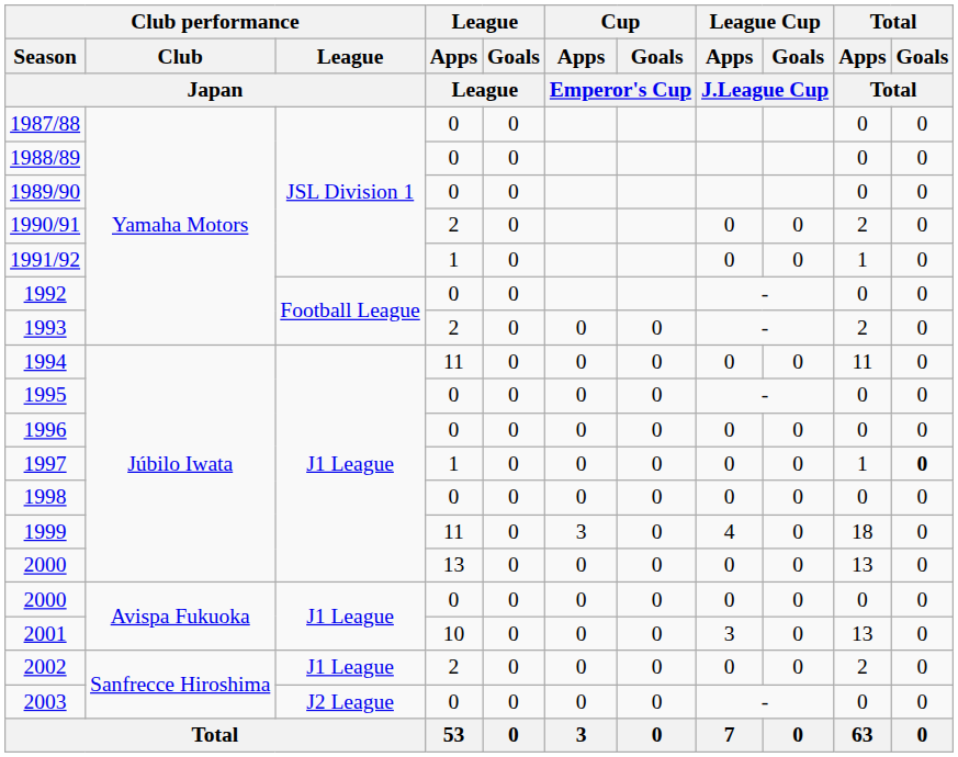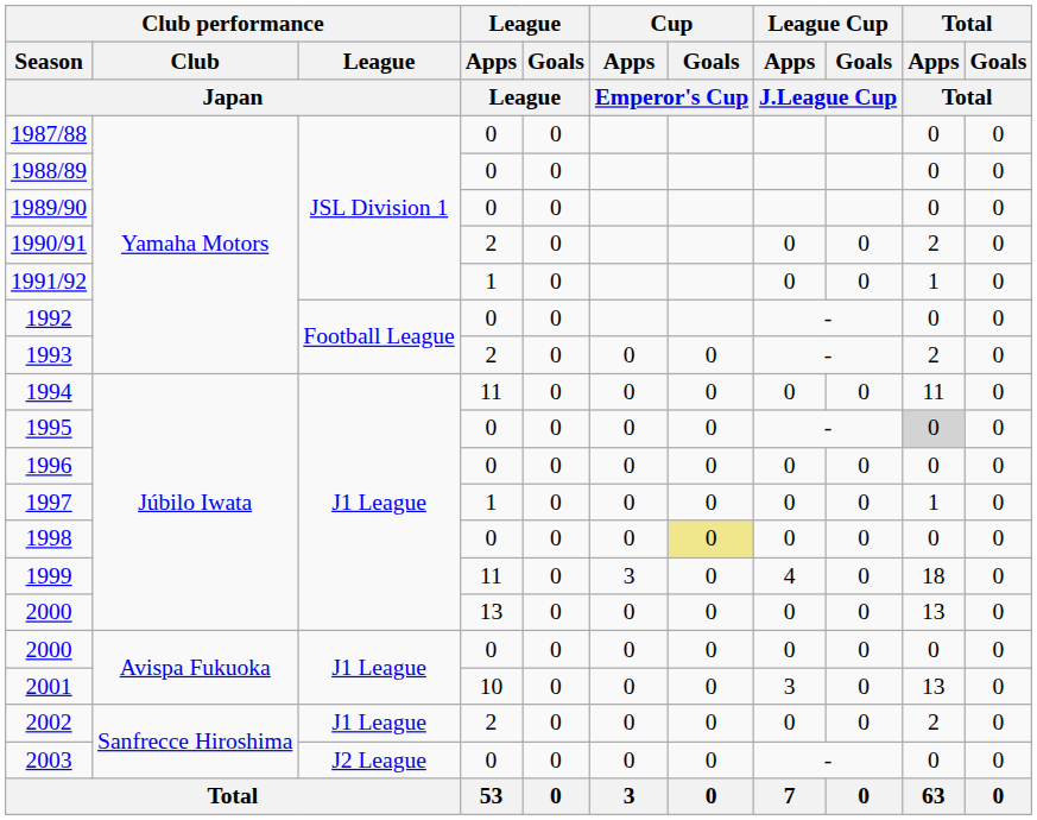 <table class="wikitable" style="text-align:center;">
 <tr>
 <th colspan=3>Club performance</th>
 <th colspan=2>League</th>
 <th colspan=2>Cup</th>
 <th colspan=2>League Cup</th>
 <th colspan=2>Total</th>
 </tr>
 <tr>
 <th>Season</th>
 <th>Club</th>
 <th>League</th>
 <th>Apps</th>
 <th>Goals</th>
 <th>Apps</th>
 <th>Goals</th>
 <th>Apps</th>
 <th>Goals</th>
 <th>Apps</th>
 <th>Goals</th>
 </tr>
 <tr>
 <th colspan=3>Japan</th>
 <th colspan=2>League</th>
 <th colspan=2><a href='#'>Emperor's Cup</a></th>
 <th colspan=2><a href='#'>J.League Cup</a></th>
 <th colspan=2>Total</th>
 </tr>
 <tr>
 <td><a href='#'>1987/88</a></td>
 <td rowspan="7"><a href='#'>Yamaha Motors</a></td>
 <td rowspan="5"><a href='#'>JSL Division 1</a></td>
 <td>0</td>
 <td>0</td>
 <td></td>
 <td></td>
 <td></td>
 <td></td>
 <td>0</td>
 <td>0</td>
 </tr>
 <tr>
 <td><a href='#'>1988/89</a></td>
 <td>0</td>
 <td>0</td>
 <td></td>
 <td></td>
 <td></td>
 <td></td>
 <td>0</td>
 <td>0</td>
 </tr>
 <tr>
 <td><a href='#'>1989/90</a></td>
 <td>0</td>
 <td>0</td>
 <td></td>
 <td></td>
 <td></td>
 <td></td>
 <td>0</td>
 <td>0</td>
 </tr>
 <tr>
 <td><a href='#'>1990/91</a></td>
 <td>2</td>
 <td>0</td>
 <td></td>
 <td></td>
 <td>0</td>
 <td>0</td>
 <td>2</td>
 <td>0</td>
 </tr>
 <tr>
 <td><a href='#'>1991/92</a></td>
 <td>1</td>
 <td>0</td>
 <td></td>
 <td></td>
 <td>0</td>
 <td>0</td>
 <td>1</td>
 <td>0</td>
 </tr>
 <tr>
 <td><a href='#'>1992</a></td>
 <td rowspan="2"><a href='#'>Football League</a></td>
 <td>0</td>
 <td>0</td>
 <td></td>
 <td></td>
 <td colspan="2">-</td>
 <td>0</td>
 <td>0</td>
 </tr>
 <tr>
 <td><a href='#'>1993</a></td>
 <td>2</td>
 <td>0</td>
 <td>0</td>
 <td>0</td>
 <td colspan="2">-</td>
 <td>2</td>
 <td>0</td>
 </tr>
 <tr>
 <td><a href='#'>1994</a></td>
 <td rowspan="7"><a href='#'>Júbilo Iwata</a></td>
 <td rowspan="7"><a href='#'>J1 League</a></td>
 <td>11</td>
 <td>0</td>
 <td>0</td>
 <td>0</td>
 <td>0</td>
 <td>0</td>
 <td>11</td>
 <td>0</td>
 </tr>
 <tr>
 <td><a href='#'>1995</a></td>
 <td>0</td>
 <td>0</td>
 <td>0</td>
 <td>0</td>
 <td colspan="2">-</td>
-<td>0</td>
+<td style="background: lightgrey;">0</td>
 <td>0</td>
 </tr>
 <tr>
 <td><a href='#'>1996</a></td>
 <td>0</td>
 <td>0</td>
 <td>0</td>
 <td>0</td>
 <td>0</td>
 <td>0</td>
 <td>0</td>
 <td>0</td>
 </tr>
 <tr>
 <td><a href='#'>1997</a></td>
 <td>1</td>
 <td>0</td>
 <td>0</td>
 <td>0</td>
 <td>0</td>
 <td>0</td>
 <td>1</td>
-<td><strong>0</strong></td>
+<td>0</td>
 </tr>
 <tr>
 <td><a href='#'>1998</a></td>
 <td>0</td>
 <td>0</td>
 <td>0</td>
-<td>0</td>
+<td style="background: khaki;">0</td>
 <td>0</td>
 <td>0</td>
 <td>0</td>
 <td>0</td>
 </tr>
 <tr>
 <td><a href='#'>1999</a></td>
 <td>11</td>
 <td>0</td>
 <td>3</td>
 <td>0</td>
 <td>4</td>
 <td>0</td>
 <td>18</td>
 <td>0</td>
 </tr>
 <tr>
 <td><a href='#'>2000</a></td>
 <td>13</td>
 <td>0</td>
 <td>0</td>
 <td>0</td>
 <td>0</td>
 <td>0</td>
 <td>13</td>
 <td>0</td>
 </tr>
 <tr>
 <td><a href='#'>2000</a></td>
 <td rowspan="2"><a href='#'>Avispa Fukuoka</a></td>
 <td rowspan="2"><a href='#'>J1 League</a></td>
 <td>0</td>
 <td>0</td>
 <td>0</td>
 <td>0</td>
 <td>0</td>
 <td>0</td>
 <td>0</td>
 <td>0</td>
 </tr>
 <tr>
 <td><a href='#'>2001</a></td>
 <td>10</td>
 <td>0</td>
 <td>0</td>
 <td>0</td>
 <td>3</td>
 <td>0</td>
 <td>13</td>
 <td>0</td>
 </tr>
 <tr>
 <td><a href='#'>2002</a></td>
 <td rowspan="2"><a href='#'>Sanfrecce Hiroshima</a></td>
 <td><a href='#'>J1 League</a></td>
 <td>2</td>
 <td>0</td>
 <td>0</td>
 <td>0</td>
 <td>0</td>
 <td>0</td>
 <td>2</td>
 <td>0</td>
 </tr>
 <tr>
 <td><a href='#'>2003</a></td>
 <td><a href='#'>J2 League</a></td>
 <td>0</td>
 <td>0</td>
 <td>0</td>
 <td>0</td>
 <td colspan="2">-</td>
 <td>0</td>
 <td>0</td>
 </tr>
 <tr>
 <th colspan=3>Total</th>
 <th>53</th>
 <th>0</th>
 <th>3</th>
 <th>0</th>
 <th>7</th>
 <th>0</th>
 <th>63</th>
 <th>0</th>
 </tr>
 </table>
